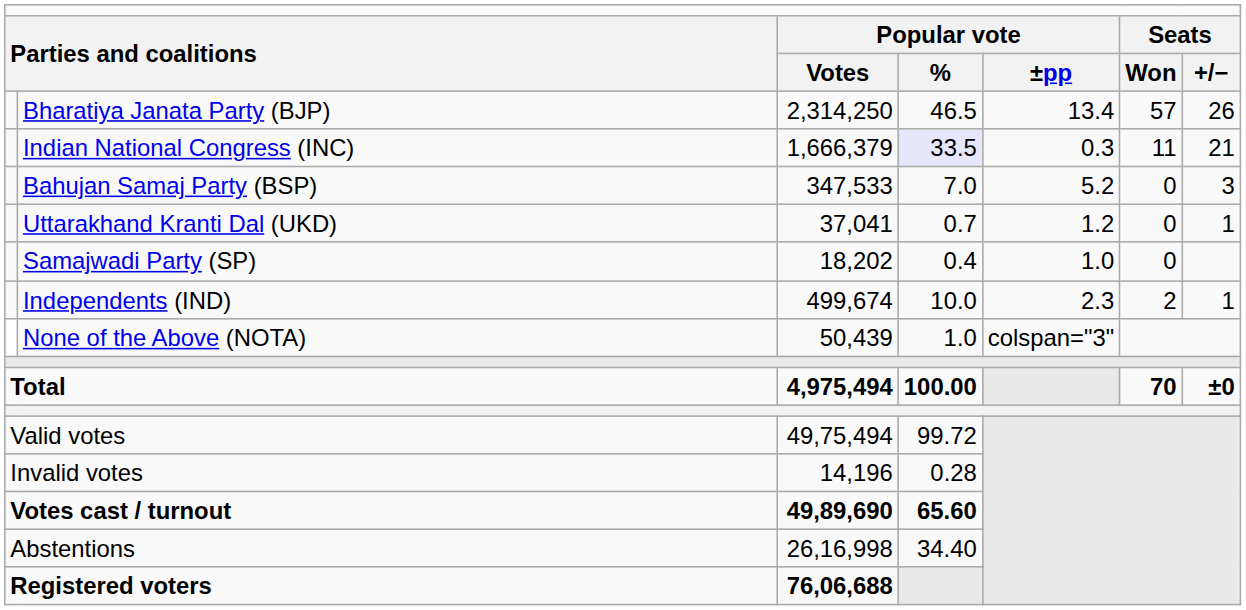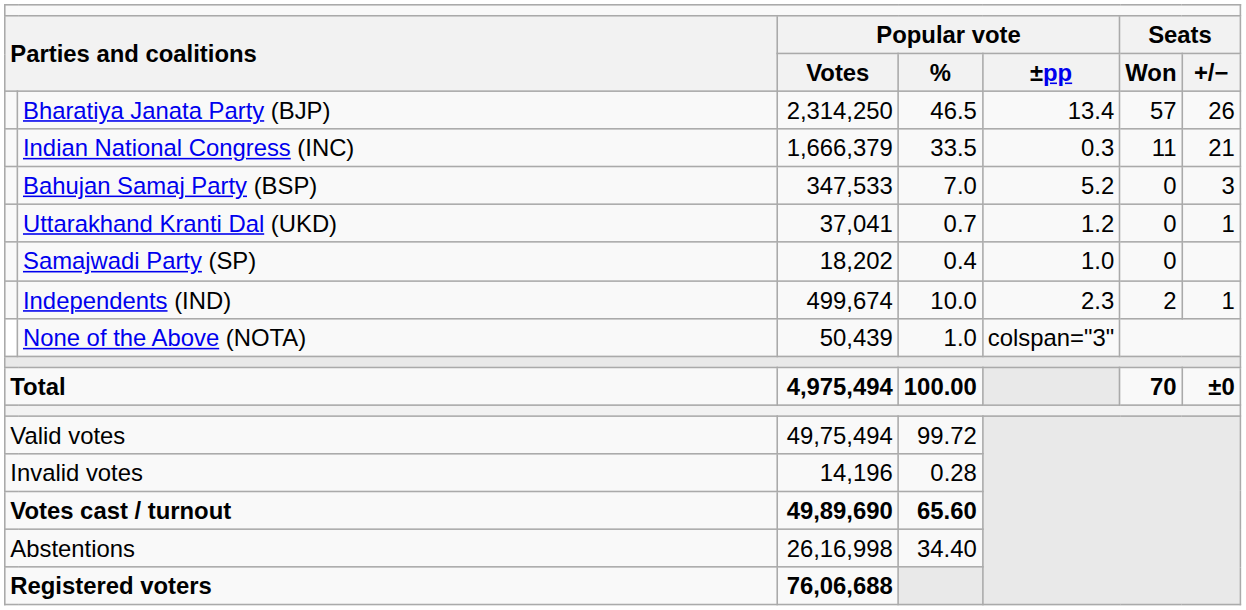 <table class="wikitable" style="text-align:right; font-size:95%;">
 <tr>
 <td colspan="7"></td>
 </tr>
 <tr>
 <th style="text-align:left;" rowspan="2" colspan="2" width="485">Parties and coalitions</th>
 <th colspan="3">Popular vote</th>
 <th colspan="2">Seats</th>
 </tr>
 <tr>
 <th width="70">Votes</th>
 <th width="45">%</th>
 <th width="50">±<a href='#'>pp</a></th>
 <th width="30">Won</th>
 <th width="30">+/−</th>
 </tr>
 <tr>
 <td width="1" style="color:inherit;background:"></td>
 <td align="left"><a href='#'>Bharatiya Janata Party</a> (BJP)</td>
 <td>2,314,250</td>
 <td>46.5</td>
 <td>13.4</td>
 <td>57</td>
 <td>26</td>
 </tr>
 <tr>
 <td style="color:inherit;background:"></td>
 <td align="left"><a href='#'>Indian National Congress</a> (INC)</td>
 <td>1,666,379</td>
-<td style="background: lavender;">33.5</td>
+<td>33.5</td>
 <td>0.3</td>
 <td>11</td>
 <td>21</td>
 </tr>
 <tr>
 <td style="color:inherit;background:"></td>
 <td align="left"><a href='#'>Bahujan Samaj Party</a> (BSP)</td>
 <td>347,533</td>
 <td>7.0</td>
 <td>5.2</td>
 <td>0</td>
 <td>3</td>
 </tr>
 <tr>
 <td style="color:inherit;background:"></td>
 <td align="left"><a href='#'>Uttarakhand Kranti Dal</a> (UKD)</td>
 <td>37,041</td>
 <td>0.7</td>
 <td>1.2</td>
 <td>0</td>
 <td>1</td>
 </tr>
 <tr>
 <td style="color:inherit;background:"></td>
 <td align="left"><a href='#'>Samajwadi Party</a> (SP)</td>
 <td>18,202</td>
 <td>0.4</td>
 <td>1.0</td>
 <td>0</td>
 <td></td>
 </tr>
 <tr>
 <td style="color:inherit;background:"></td>
 <td align="left"><a href='#'>Independents</a> (IND)</td>
 <td>499,674</td>
 <td>10.0</td>
 <td>2.3</td>
 <td>2</td>
 <td>1</td>
 </tr>
 <tr>
 <td bgcolor=white></td>
 <td align="left"><a href='#'>None of the Above</a> (NOTA)</td>
 <td>50,439</td>
 <td>1.0</td>
 <td>colspan="3" </td>
 </tr>
 <tr>
 <td colspan="7" bgcolor="#E9E9E9"></td>
 </tr>
 <tr style="font-weight:bold;">
 <td align="left" colspan="2">Total</td>
 <td>4,975,494</td>
 <td>100.00</td>
 <td bgcolor="#E9E9E9"></td>
 <td>70</td>
 <td>±0</td>
 </tr>
 <tr>
 <th colspan="9"></th>
 </tr>
 <tr>
 <td style="text-align:left;" colspan="2">Valid votes</td>
 <td align="right">49,75,494</td>
 <td align="right">99.72</td>
 <td colspan="4" rowspan="5" style="background-color:#E9E9E9"></td>
 </tr>
 <tr>
 <td style="text-align:left;" colspan="2">Invalid votes</td>
 <td align="right">14,196</td>
 <td align="right">0.28</td>
 </tr>
 <tr>
 <td style="text-align:left;" colspan="2"><strong>Votes cast / turnout</strong></td>
 <td align="right"><strong>49,89,690</strong></td>
 <td align="right"><strong>65.60</strong></td>
 </tr>
 <tr>
 <td style="text-align:left;" colspan="2">Abstentions</td>
 <td align="right">26,16,998</td>
 <td align="right">34.40</td>
 </tr>
 <tr>
 <td style="text-align:left;" colspan="2"><strong>Registered voters</strong></td>
 <td align="right"><strong>76,06,688</strong></td>
 <td colspan="1" style="background-color:#E9E9E9"></td>
 </tr>
 </table>
